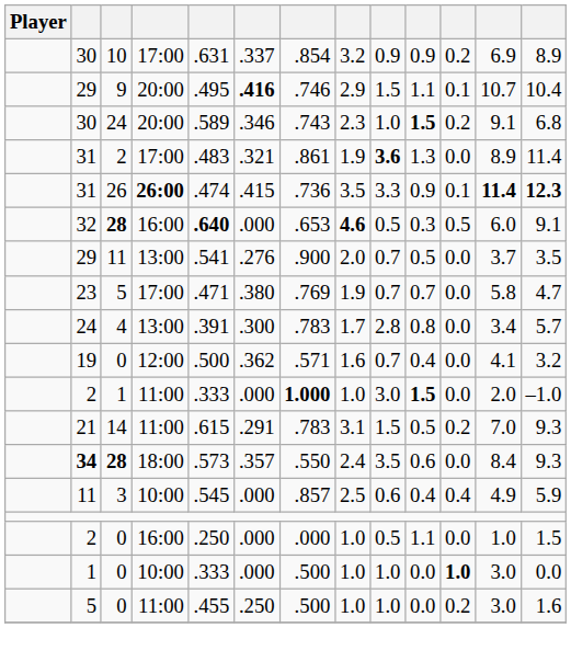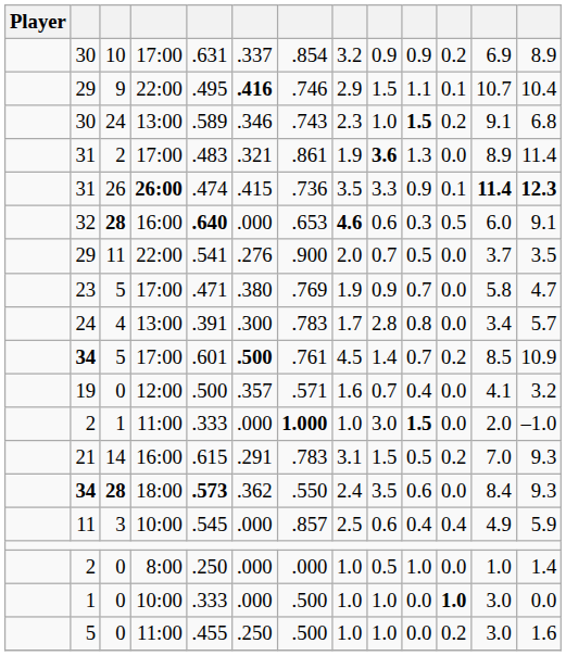 <table class="wikitable sortable" style="font-size:95%; text-align:right;">
 <tr>
 <th>Player</th>
 <th></th>
 <th></th>
 <th></th>
 <th></th>
 <th></th>
 <th></th>
 <th></th>
 <th></th>
 <th></th>
 <th></th>
 <th></th>
 <th></th>
 </tr>
 <tr>
 <td><strong></strong></td>
 <td>30</td>
 <td>10</td>
 <td>17:00</td>
 <td>.631</td>
 <td>.337</td>
 <td>.854</td>
 <td>3.2</td>
 <td>0.9</td>
 <td>0.9</td>
 <td>0.2</td>
 <td>6.9</td>
 <td>8.9</td>
 </tr>
 <tr>
 <td><strong></strong></td>
 <td>29</td>
 <td>9</td>
-<td>20:00</td>
+<td>22:00</td>
 <td>.495</td>
 <td><strong>.416</strong></td>
 <td>.746</td>
 <td>2.9</td>
 <td>1.5</td>
 <td>1.1</td>
 <td>0.1</td>
 <td>10.7</td>
 <td>10.4</td>
 </tr>
 <tr>
 <td><strong></strong></td>
 <td>30</td>
 <td>24</td>
-<td>20:00</td>
+<td>13:00</td>
 <td>.589</td>
 <td>.346</td>
 <td>.743</td>
 <td>2.3</td>
 <td>1.0</td>
 <td><strong>1.5</strong></td>
 <td>0.2</td>
 <td>9.1</td>
 <td>6.8</td>
 </tr>
 <tr>
 <td><strong></strong></td>
 <td>31</td>
 <td>2</td>
 <td>17:00</td>
 <td>.483</td>
 <td>.321</td>
 <td>.861</td>
 <td>1.9</td>
 <td><strong>3.6</strong></td>
 <td>1.3</td>
 <td>0.0</td>
 <td>8.9</td>
 <td>11.4</td>
 </tr>
 <tr>
 <td><strong></strong></td>
 <td>31</td>
 <td>26</td>
 <td><strong>26:00</strong></td>
 <td>.474</td>
 <td>.415</td>
 <td>.736</td>
 <td>3.5</td>
 <td>3.3</td>
 <td>0.9</td>
 <td>0.1</td>
 <td><strong>11.4</strong></td>
 <td><strong>12.3</strong></td>
 </tr>
 <tr>
 <td><strong></strong></td>
 <td>32</td>
 <td><strong>28</strong></td>
 <td>16:00</td>
 <td><strong>.640</strong></td>
 <td>.000</td>
 <td>.653</td>
 <td><strong>4.6</strong></td>
-<td>0.5</td>
+<td>0.6</td>
 <td>0.3</td>
 <td>0.5</td>
 <td>6.0</td>
 <td>9.1</td>
 </tr>
 <tr>
 <td><strong></strong></td>
 <td>29</td>
 <td>11</td>
-<td>13:00</td>
+<td>22:00</td>
 <td>.541</td>
 <td>.276</td>
 <td>.900</td>
 <td>2.0</td>
 <td>0.7</td>
 <td>0.5</td>
 <td>0.0</td>
 <td>3.7</td>
 <td>3.5</td>
 </tr>
 <tr>
 <td><strong></strong></td>
 <td>23</td>
 <td>5</td>
 <td>17:00</td>
 <td>.471</td>
 <td>.380</td>
 <td>.769</td>
 <td>1.9</td>
-<td>0.7</td>
+<td>0.9</td>
 <td>0.7</td>
 <td>0.0</td>
 <td>5.8</td>
 <td>4.7</td>
 </tr>
 <tr>
 <td><strong></strong></td>
 <td>24</td>
 <td>4</td>
 <td>13:00</td>
 <td>.391</td>
 <td>.300</td>
 <td>.783</td>
 <td>1.7</td>
 <td>2.8</td>
 <td>0.8</td>
 <td>0.0</td>
 <td>3.4</td>
 <td>5.7</td>
 </tr>
 <tr>
 <td><strong></strong></td>
+<td><strong>34</strong></td>
+<td>5</td>
+<td>17:00</td>
+<td>.601</td>
+<td><strong>.500</strong></td>
+<td>.761</td>
+<td>4.5</td>
+<td>1.4</td>
+<td>0.7</td>
+<td>0.2</td>
+<td>8.5</td>
+<td>10.9</td>
+</tr>
+<tr>
+<td><strong></strong></td>
 <td>19</td>
 <td>0</td>
 <td>12:00</td>
 <td>.500</td>
-<td>.362</td>
+<td>.357</td>
 <td>.571</td>
 <td>1.6</td>
 <td>0.7</td>
 <td>0.4</td>
 <td>0.0</td>
 <td>4.1</td>
 <td>3.2</td>
 </tr>
 <tr>
 <td><strong></strong></td>
 <td>2</td>
 <td>1</td>
 <td>11:00</td>
 <td>.333</td>
 <td>.000</td>
 <td><strong>1.000</strong></td>
 <td>1.0</td>
 <td>3.0</td>
 <td><strong>1.5</strong></td>
 <td>0.0</td>
 <td>2.0</td>
 <td>–1.0</td>
 </tr>
 <tr>
 <td><strong></strong></td>
 <td>21</td>
 <td>14</td>
-<td>11:00</td>
+<td>16:00</td>
 <td>.615</td>
 <td>.291</td>
 <td>.783</td>
 <td>3.1</td>
 <td>1.5</td>
 <td>0.5</td>
 <td>0.2</td>
 <td>7.0</td>
 <td>9.3</td>
 </tr>
 <tr>
 <td><strong></strong></td>
 <td><strong>34</strong></td>
 <td><strong>28</strong></td>
 <td>18:00</td>
-<td>.573</td>
-<td>.357</td>
+<td><strong>.573</strong></td>
+<td>.362</td>
 <td>.550</td>
 <td>2.4</td>
 <td>3.5</td>
 <td>0.6</td>
 <td>0.0</td>
 <td>8.4</td>
 <td>9.3</td>
 </tr>
 <tr>
 <td><strong></strong></td>
 <td>11</td>
 <td>3</td>
 <td>10:00</td>
 <td>.545</td>
 <td>.000</td>
 <td>.857</td>
 <td>2.5</td>
 <td>0.6</td>
 <td>0.4</td>
 <td>0.4</td>
 <td>4.9</td>
 <td>5.9</td>
 </tr>
 <tr class="sortbottom">
 <td colspan=13></td>
 </tr>
 <tr>
 <td><em></em></td>
 <td>2</td>
 <td>0</td>
-<td>16:00</td>
+<td>8:00</td>
 <td>.250</td>
 <td>.000</td>
 <td>.000</td>
 <td>1.0</td>
 <td>0.5</td>
-<td>1.1</td>
+<td>1.0</td>
 <td>0.0</td>
 <td>1.0</td>
-<td>1.5</td>
+<td>1.4</td>
 </tr>
 <tr>
 <td><em></em></td>
 <td>1</td>
 <td>0</td>
 <td>10:00</td>
 <td>.333</td>
 <td>.000</td>
 <td>.500</td>
 <td>1.0</td>
 <td>1.0</td>
 <td>0.0</td>
 <td><strong>1.0</strong></td>
 <td>3.0</td>
 <td>0.0</td>
 </tr>
 <tr>
 <td><em></em></td>
 <td>5</td>
 <td>0</td>
 <td>11:00</td>
 <td>.455</td>
 <td>.250</td>
 <td>.500</td>
 <td>1.0</td>
 <td>1.0</td>
 <td>0.0</td>
 <td>0.2</td>
 <td>3.0</td>
 <td>1.6</td>
 </tr>
 <tr>
 </tr>
 </table>
